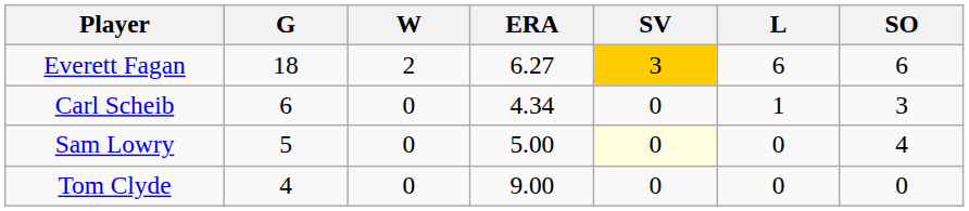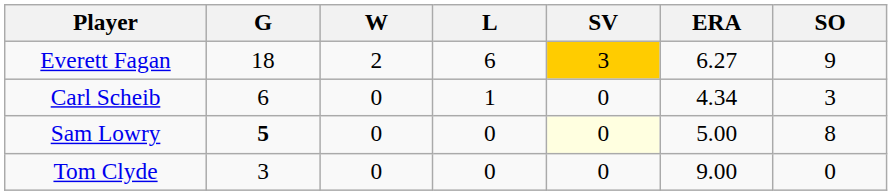 <table class="wikitable sortable">
 <tr>
 <th bgcolor="#DDDDFF" width="16%">Player</th>
 <th bgcolor="#DDDDFF" width="9%">G</th>
 <th bgcolor="#DDDDFF" width="9%">W</th>
+<th bgcolor="#DDDDFF" width="9%">L</th>
+<th bgcolor="#DDDDFF" width="9%">SV</th>
 <th bgcolor="#DDDDFF" width="9%">ERA</th>
-<th bgcolor="#DDDDFF" width="9%">SV</th>
-<th bgcolor="#DDDDFF" width="9%">L</th>
 <th bgcolor="#DDDDFF" width="9%">SO</th>
 </tr>
 <tr align="center">
 <td><a href='#'>Everett Fagan</a></td>
 <td>18</td>
 <td>2</td>
+<td>6</td>
+<td style="background:#fc0;">3</td>
 <td>6.27</td>
-<td style="background:#fc0;">3</td>
-<td>6</td>
-<td>6</td>
+<td>9</td>
 </tr>
 <tr align=center>
 <td><a href='#'>Carl Scheib</a></td>
 <td>6</td>
 <td>0</td>
+<td>1</td>
+<td>0</td>
 <td>4.34</td>
-<td>0</td>
-<td>1</td>
 <td>3</td>
 </tr>
 <tr align=center>
 <td><a href='#'>Sam Lowry</a></td>
-<td>5</td>
+<td><strong>5</strong></td>
 <td>0</td>
+<td>0</td>
+<td style="background: lightyellow;">0</td>
 <td>5.00</td>
-<td style="background: lightyellow;">0</td>
-<td>0</td>
-<td>4</td>
+<td>8</td>
 </tr>
 <tr align=center>
 <td><a href='#'>Tom Clyde</a></td>
-<td>4</td>
+<td>3</td>
+<td>0</td>
+<td>0</td>
 <td>0</td>
 <td>9.00</td>
 <td>0</td>
-<td>0</td>
-<td>0</td>
 </tr>
 </table>
